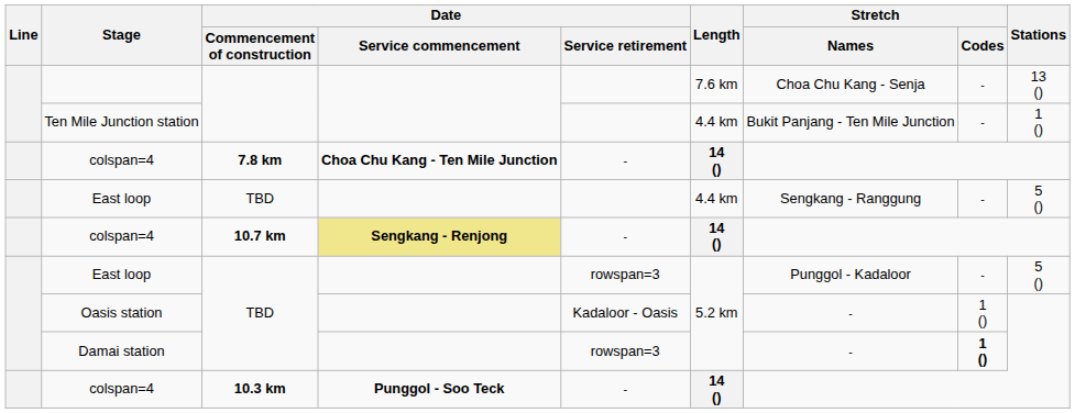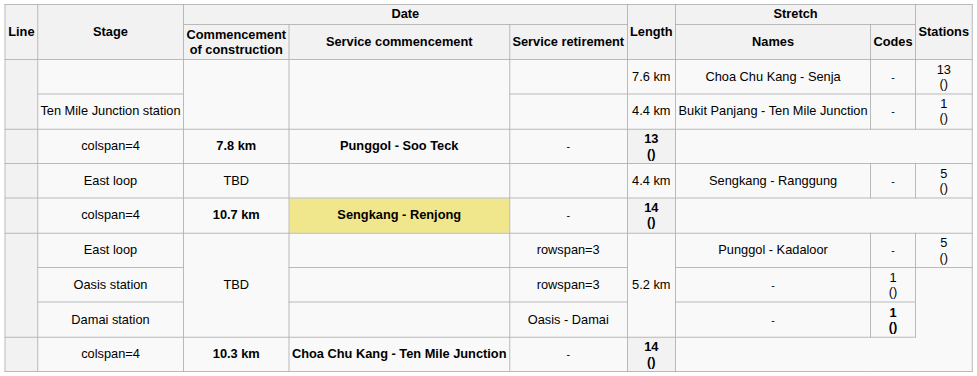 <table class=wikitable style="margin:0 auto;text-align:center">
 <tr>
 <th colspan="2" rowspan="2">Line</th>
 <th rowspan="2">Stage</th>
 <th colspan=3>Date</th>
 <th rowspan="2">Length</th>
 <th colspan="2">Stretch</th>
 <th rowspan="2">Stations</th>
 </tr>
 <tr>
 <th>Commencement<br>of construction</th>
 <th>Service commencement</th>
 <th>Service retirement</th>
 <th>Names</th>
 <th>Codes</th>
 </tr>
 <tr>
 <th colspan="2" rowspan="2" style="background-color:#"><a href='#'></a></th>
 <td></td>
 <td rowspan="2"></td>
 <td rowspan="2"></td>
 <td></td>
 <td>7.6 km</td>
 <td>Choa Chu Kang - Senja</td>
 <td><small> - </small></td>
 <td>13<br>()</td>
 </tr>
 <tr>
 <td>Ten Mile Junction station</td>
 <td></td>
 <td>4.4 km</td>
 <td>Bukit Panjang - Ten Mile Junction</td>
 <td><small> - </small></td>
 <td>1<br>()</td>
 </tr>
 <tr>
 <th colspan="2" style="background-color:#"></th>
 <td>colspan=4 </td>
 <td><strong>7.8 km</strong></td>
-<td><strong>Choa Chu Kang - Ten Mile Junction</strong></td>
+<td><strong>Punggol - Soo Teck</strong></td>
 <td><small> - </small></td>
-<th><strong>14<br>()</strong></th>
+<th><strong>13<br>()</strong></th>
 </tr>
 <tr>
 <th colspan="2" style="background-color:#"><a href='#'></a></th>
 <td>East loop</td>
 <td>TBD</td>
 <td></td>
 <td></td>
 <td>4.4 km</td>
 <td>Sengkang - Ranggung</td>
 <td><small> - </small></td>
 <td>5<br>()</td>
 </tr>
 <tr>
 <th colspan="2" style="background-color:#"></th>
 <td>colspan=4 </td>
 <td><strong>10.7 km</strong></td>
 <td style="background: khaki;"><strong>Sengkang - Renjong</strong></td>
 <td><small> - </small></td>
 <th><strong>14<br>()</strong></th>
 </tr>
 <tr>
 <th colspan="2" rowspan="3" style="background-color:#"><a href='#'></a></th>
 <td>East loop</td>
 <td rowspan="3">TBD</td>
 <td></td>
 <td>rowspan=3 </td>
 <td rowspan="3">5.2 km</td>
 <td>Punggol - Kadaloor</td>
 <td><small> - </small></td>
 <td>5<br>()</td>
 </tr>
 <tr>
 <td>Oasis station</td>
 <td></td>
-<td>Kadaloor - Oasis</td>
+<td>rowspan=3 </td>
 <td><small> - </small></td>
 <td>1<br>()</td>
 </tr>
 <tr>
 <td>Damai station</td>
 <td></td>
-<td>rowspan=3 </td>
+<td>Oasis - Damai</td>
 <td><small> - </small></td>
 <td><strong>1<br>()</strong></td>
 </tr>
 <tr>
 <th colspan="2" style="background-color:#"></th>
 <td>colspan=4 </td>
 <td><strong>10.3 km</strong></td>
-<td><strong>Punggol - Soo Teck</strong></td>
+<td><strong>Choa Chu Kang - Ten Mile Junction</strong></td>
 <td><small> - </small></td>
 <th>14<br>()</th>
 </tr>
 </table>
